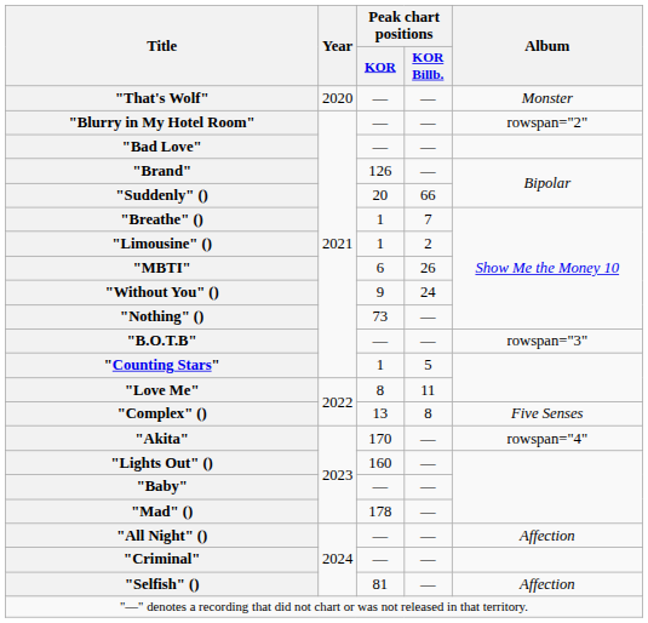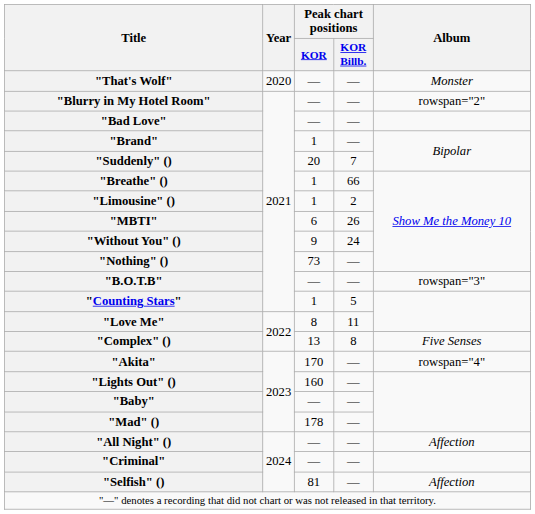 <table class="wikitable plainrowheaders" style="text-align:center;" border="1">
 <tr>
 <th scope="col" rowspan="2" style="width:20em;">Title</th>
 <th scope="col" rowspan="2">Year</th>
 <th scope="col" colspan="2">Peak chart<br>positions</th>
 <th scope="col" rowspan="2" style="width:12em;">Album</th>
 </tr>
 <tr>
 <th scope="col" style="font-size:90%; width:3em"><a href='#'>KOR</a><br></th>
 <th scope="col" style="font-size:90%; width:3em"><a href='#'>KOR Billb.</a><br></th>
 </tr>
 <tr>
 <th scope="row">"That's Wolf"</th>
 <td>2020</td>
 <td>—</td>
 <td>—</td>
 <td><em>Monster</em></td>
 </tr>
 <tr>
 <th scope="row">"Blurry in My Hotel Room"<br></th>
 <td rowspan="11">2021</td>
 <td>—</td>
 <td>—</td>
 <td>rowspan="2" </td>
 </tr>
 <tr>
 <th scope="row">"Bad Love"</th>
 <td>—</td>
 <td>—</td>
 </tr>
 <tr>
 <th scope="row">"Brand"<br></th>
-<td>126</td>
+<td>1</td>
 <td>—</td>
 <td rowspan="2"><em>Bipolar</em></td>
 </tr>
 <tr>
 <th scope="row">"Suddenly" ()</th>
 <td>20</td>
-<td>66</td>
+<td>7</td>
 </tr>
 <tr>
 <th scope="row">"Breathe" ()<br></th>
 <td>1</td>
-<td>7</td>
+<td>66</td>
 <td rowspan="5"><em><a href='#'>Show Me the Money 10</a></em></td>
 </tr>
 <tr>
 <th scope="row">"Limousine" ()<br></th>
 <td>1</td>
 <td>2</td>
 </tr>
 <tr>
 <th scope="row">"MBTI"<br></th>
 <td>6</td>
 <td>26</td>
 </tr>
 <tr>
 <th scope="row">"Without You" ()<br></th>
 <td>9</td>
 <td>24</td>
 </tr>
 <tr>
 <th scope="row">"Nothing" ()<br></th>
 <td>73</td>
 <td>—</td>
 </tr>
 <tr>
 <th scope="row">"B.O.T.B"<br></th>
 <td>—</td>
 <td>—</td>
 <td>rowspan="3" </td>
 </tr>
 <tr>
 <th scope="row">"<a href='#'>Counting Stars</a>"<br></th>
 <td>1</td>
 <td>5</td>
 </tr>
 <tr>
 <th scope="row">"Love Me"</th>
 <td rowspan="2">2022</td>
 <td>8</td>
 <td>11</td>
 </tr>
 <tr>
 <th scope="row">"Complex" ()<br></th>
 <td>13</td>
 <td>8</td>
 <td><em>Five Senses</em></td>
 </tr>
 <tr>
 <th scope="row">"Akita"<br></th>
 <td rowspan="4">2023</td>
 <td>170</td>
 <td>—</td>
 <td>rowspan="4" </td>
 </tr>
 <tr>
 <th scope="row">"Lights Out" ()<br></th>
 <td>160</td>
 <td>—</td>
 </tr>
 <tr>
 <th scope="row">"Baby"<br></th>
 <td>—</td>
 <td>—</td>
 </tr>
 <tr>
 <th scope="row">"Mad" ()</th>
 <td>178</td>
 <td>—</td>
 </tr>
 <tr>
 <th scope="row">"All Night" ()</th>
 <td rowspan="3">2024</td>
 <td>—</td>
 <td>—</td>
 <td><em>Affection</em></td>
 </tr>
 <tr>
 <th scope="row">"Criminal"<br></th>
 <td>—</td>
 <td>—</td>
 <td></td>
 </tr>
 <tr>
 <th scope="row">"Selfish" ()<br></th>
 <td>81</td>
 <td>—</td>
 <td><em>Affection</em></td>
 </tr>
 <tr>
 <td colspan="5" style="font-size:85%">"—" denotes a recording that did not chart or was not released in that territory.</td>
 </tr>
 </table>
